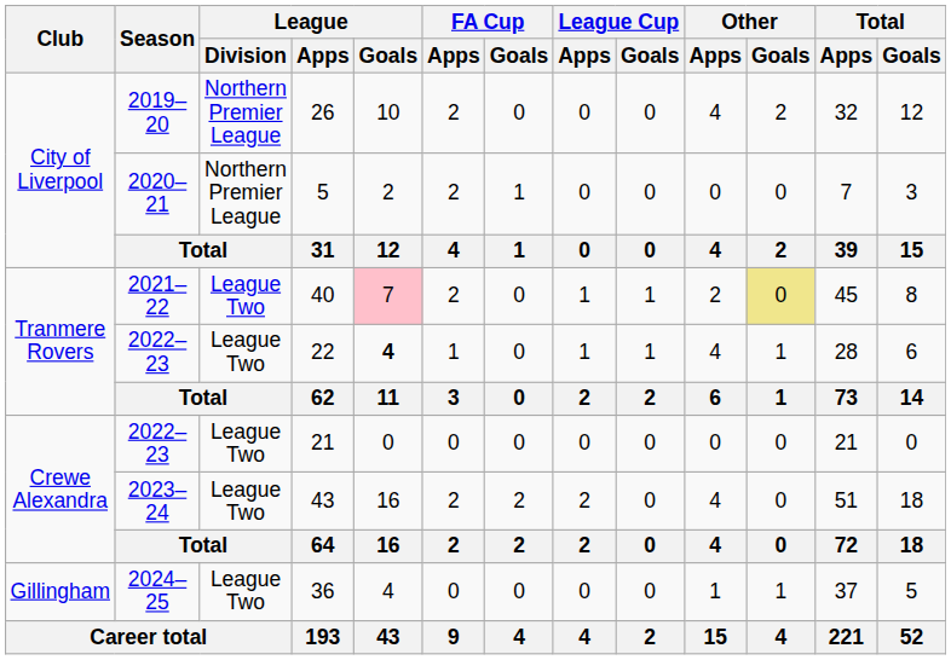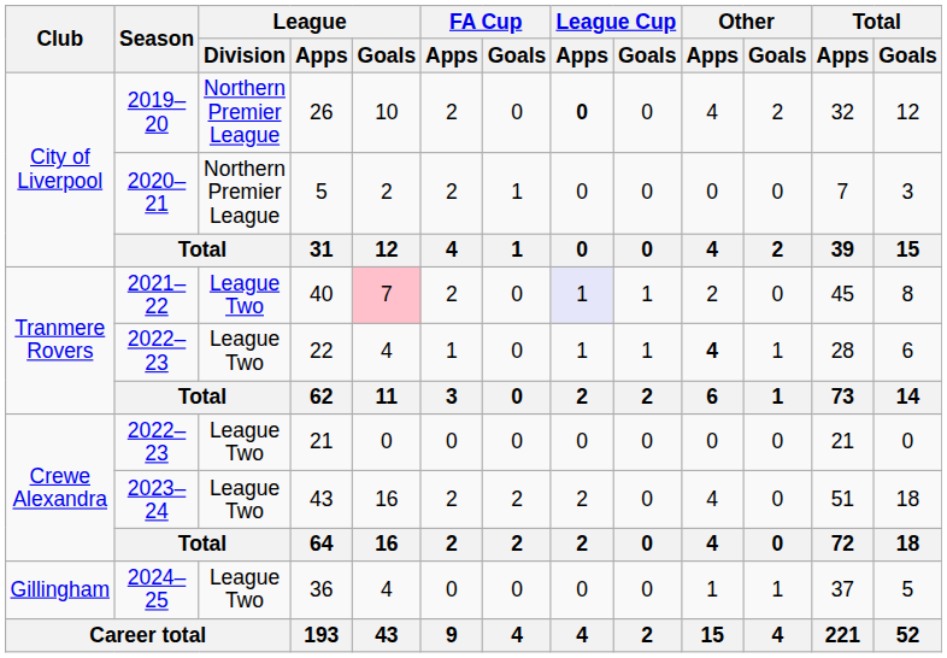 <table class=wikitable style="text-align: center">
 <tr>
 <th rowspan=2>Club</th>
 <th rowspan=2>Season</th>
 <th colspan=3>League</th>
 <th colspan=2><a href='#'>FA Cup</a></th>
 <th colspan=2><a href='#'>League Cup</a></th>
 <th colspan=2>Other</th>
 <th colspan=2>Total</th>
 </tr>
 <tr>
 <th>Division</th>
 <th>Apps</th>
 <th>Goals</th>
 <th>Apps</th>
 <th>Goals</th>
 <th>Apps</th>
 <th>Goals</th>
 <th>Apps</th>
 <th>Goals</th>
 <th>Apps</th>
 <th>Goals</th>
 </tr>
 <tr>
 <td rowspan=3><a href='#'>City of Liverpool</a></td>
 <td><a href='#'>2019–20</a></td>
 <td><a href='#'>Northern Premier League</a></td>
 <td>26</td>
 <td>10</td>
 <td>2</td>
 <td>0</td>
-<td>0</td>
+<td><strong>0</strong></td>
 <td>0</td>
 <td>4</td>
 <td>2</td>
 <td>32</td>
 <td>12</td>
 </tr>
 <tr>
 <td><a href='#'>2020–21</a></td>
 <td>Northern Premier League</td>
 <td>5</td>
 <td>2</td>
 <td>2</td>
 <td>1</td>
 <td>0</td>
 <td>0</td>
 <td>0</td>
 <td>0</td>
 <td>7</td>
 <td>3</td>
 </tr>
 <tr>
 <th colspan=2>Total</th>
 <th>31</th>
 <th>12</th>
 <th>4</th>
 <th>1</th>
 <th>0</th>
 <th>0</th>
 <th>4</th>
 <th>2</th>
 <th>39</th>
 <th>15</th>
 </tr>
 <tr>
 <td rowspan=3><a href='#'>Tranmere Rovers</a></td>
 <td><a href='#'>2021–22</a></td>
 <td><a href='#'>League Two</a></td>
 <td>40</td>
 <td style="background: pink;">7</td>
 <td>2</td>
 <td>0</td>
-<td>1</td>
+<td style="background: lavender;">1</td>
 <td>1</td>
 <td>2</td>
-<td style="background: khaki;">0</td>
+<td>0</td>
 <td>45</td>
 <td>8</td>
 </tr>
 <tr>
 <td><a href='#'>2022–23</a></td>
 <td>League Two</td>
 <td>22</td>
-<td><strong>4</strong></td>
+<td>4</td>
 <td>1</td>
 <td>0</td>
 <td>1</td>
 <td>1</td>
-<td>4</td>
+<td><strong>4</strong></td>
 <td>1</td>
 <td>28</td>
 <td>6</td>
 </tr>
 <tr>
 <th colspan=2>Total</th>
 <th>62</th>
 <th>11</th>
 <th>3</th>
 <th>0</th>
 <th>2</th>
 <th>2</th>
 <th>6</th>
 <th>1</th>
 <th>73</th>
 <th>14</th>
 </tr>
 <tr>
 <td rowspan=3><a href='#'>Crewe Alexandra</a></td>
 <td><a href='#'>2022–23</a></td>
 <td>League Two</td>
 <td>21</td>
 <td>0</td>
 <td>0</td>
 <td>0</td>
 <td>0</td>
 <td>0</td>
 <td>0</td>
 <td>0</td>
 <td>21</td>
 <td>0</td>
 </tr>
 <tr>
 <td><a href='#'>2023–24</a></td>
 <td>League Two</td>
 <td>43</td>
 <td>16</td>
 <td>2</td>
 <td>2</td>
 <td>2</td>
 <td>0</td>
 <td>4</td>
 <td>0</td>
 <td>51</td>
 <td>18</td>
 </tr>
 <tr>
 <th colspan=2>Total</th>
 <th>64</th>
 <th>16</th>
 <th>2</th>
 <th>2</th>
 <th>2</th>
 <th>0</th>
 <th>4</th>
 <th>0</th>
 <th>72</th>
 <th>18</th>
 </tr>
 <tr>
 <td><a href='#'>Gillingham</a></td>
 <td><a href='#'>2024–25</a></td>
 <td>League Two</td>
 <td>36</td>
 <td>4</td>
 <td>0</td>
 <td>0</td>
 <td>0</td>
 <td>0</td>
 <td>1</td>
 <td>1</td>
 <td>37</td>
 <td>5</td>
 </tr>
 <tr>
 <th colspan=3>Career total</th>
 <th>193</th>
 <th>43</th>
 <th>9</th>
 <th>4</th>
 <th>4</th>
 <th>2</th>
 <th>15</th>
 <th>4</th>
 <th>221</th>
 <th>52</th>
 </tr>
 </table>
